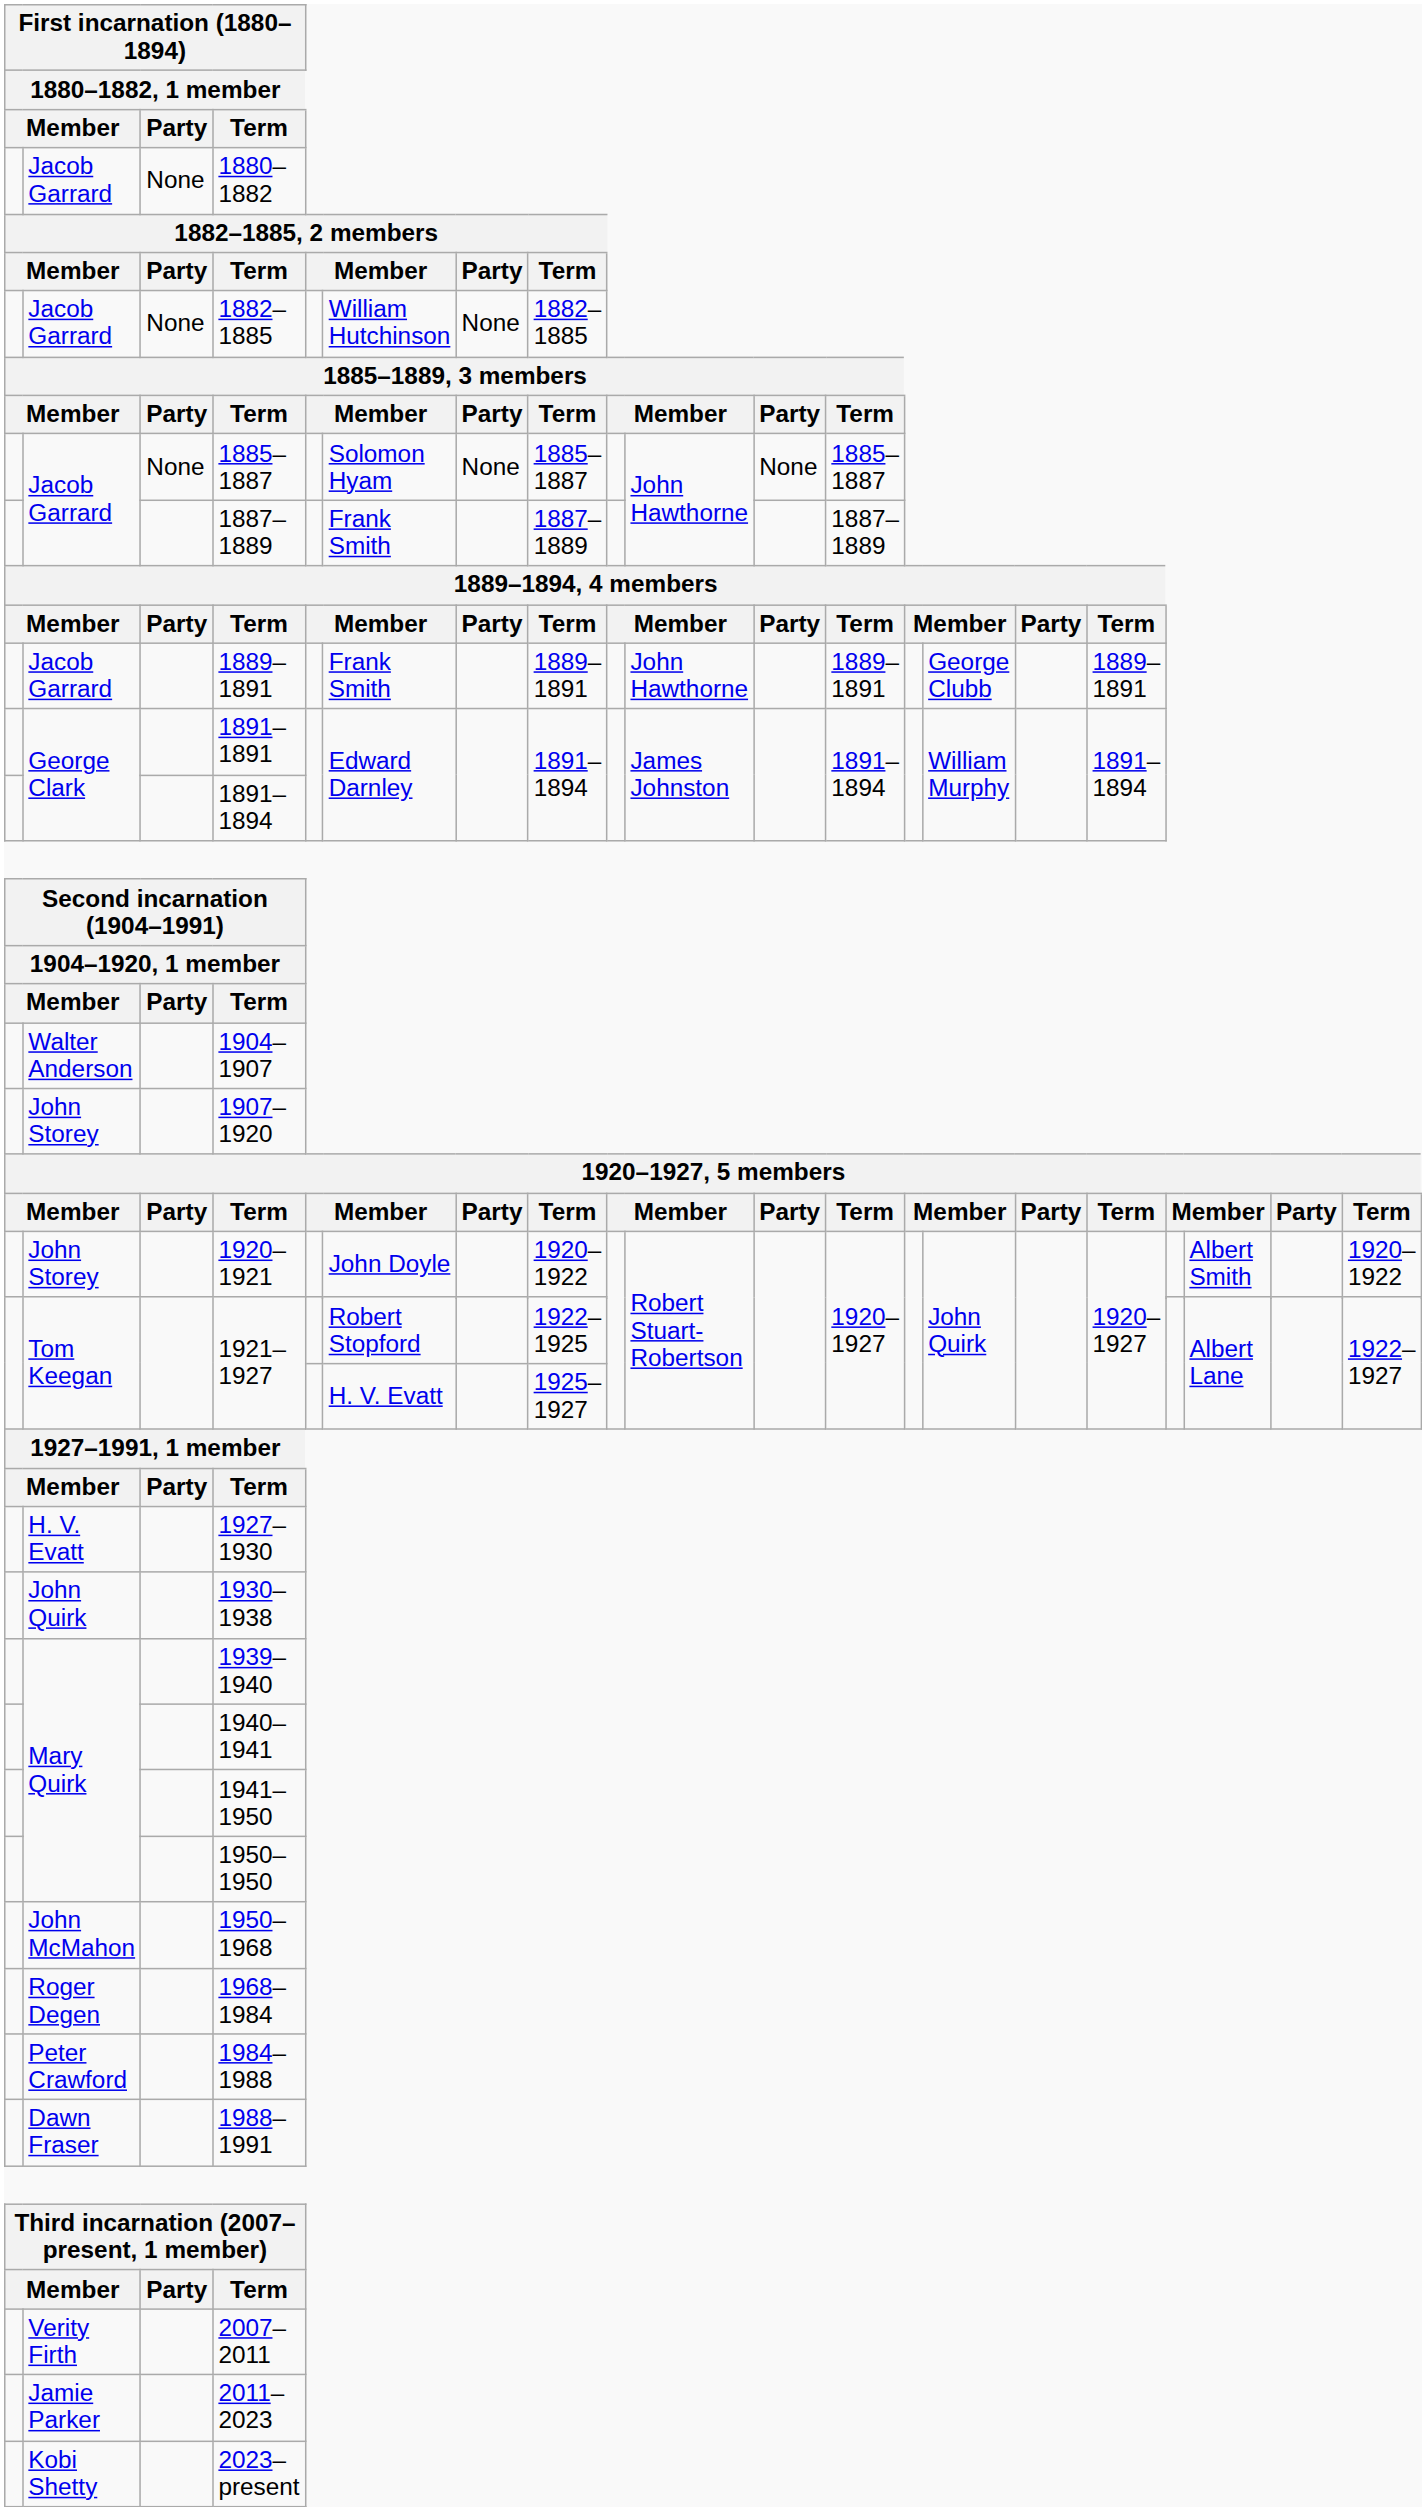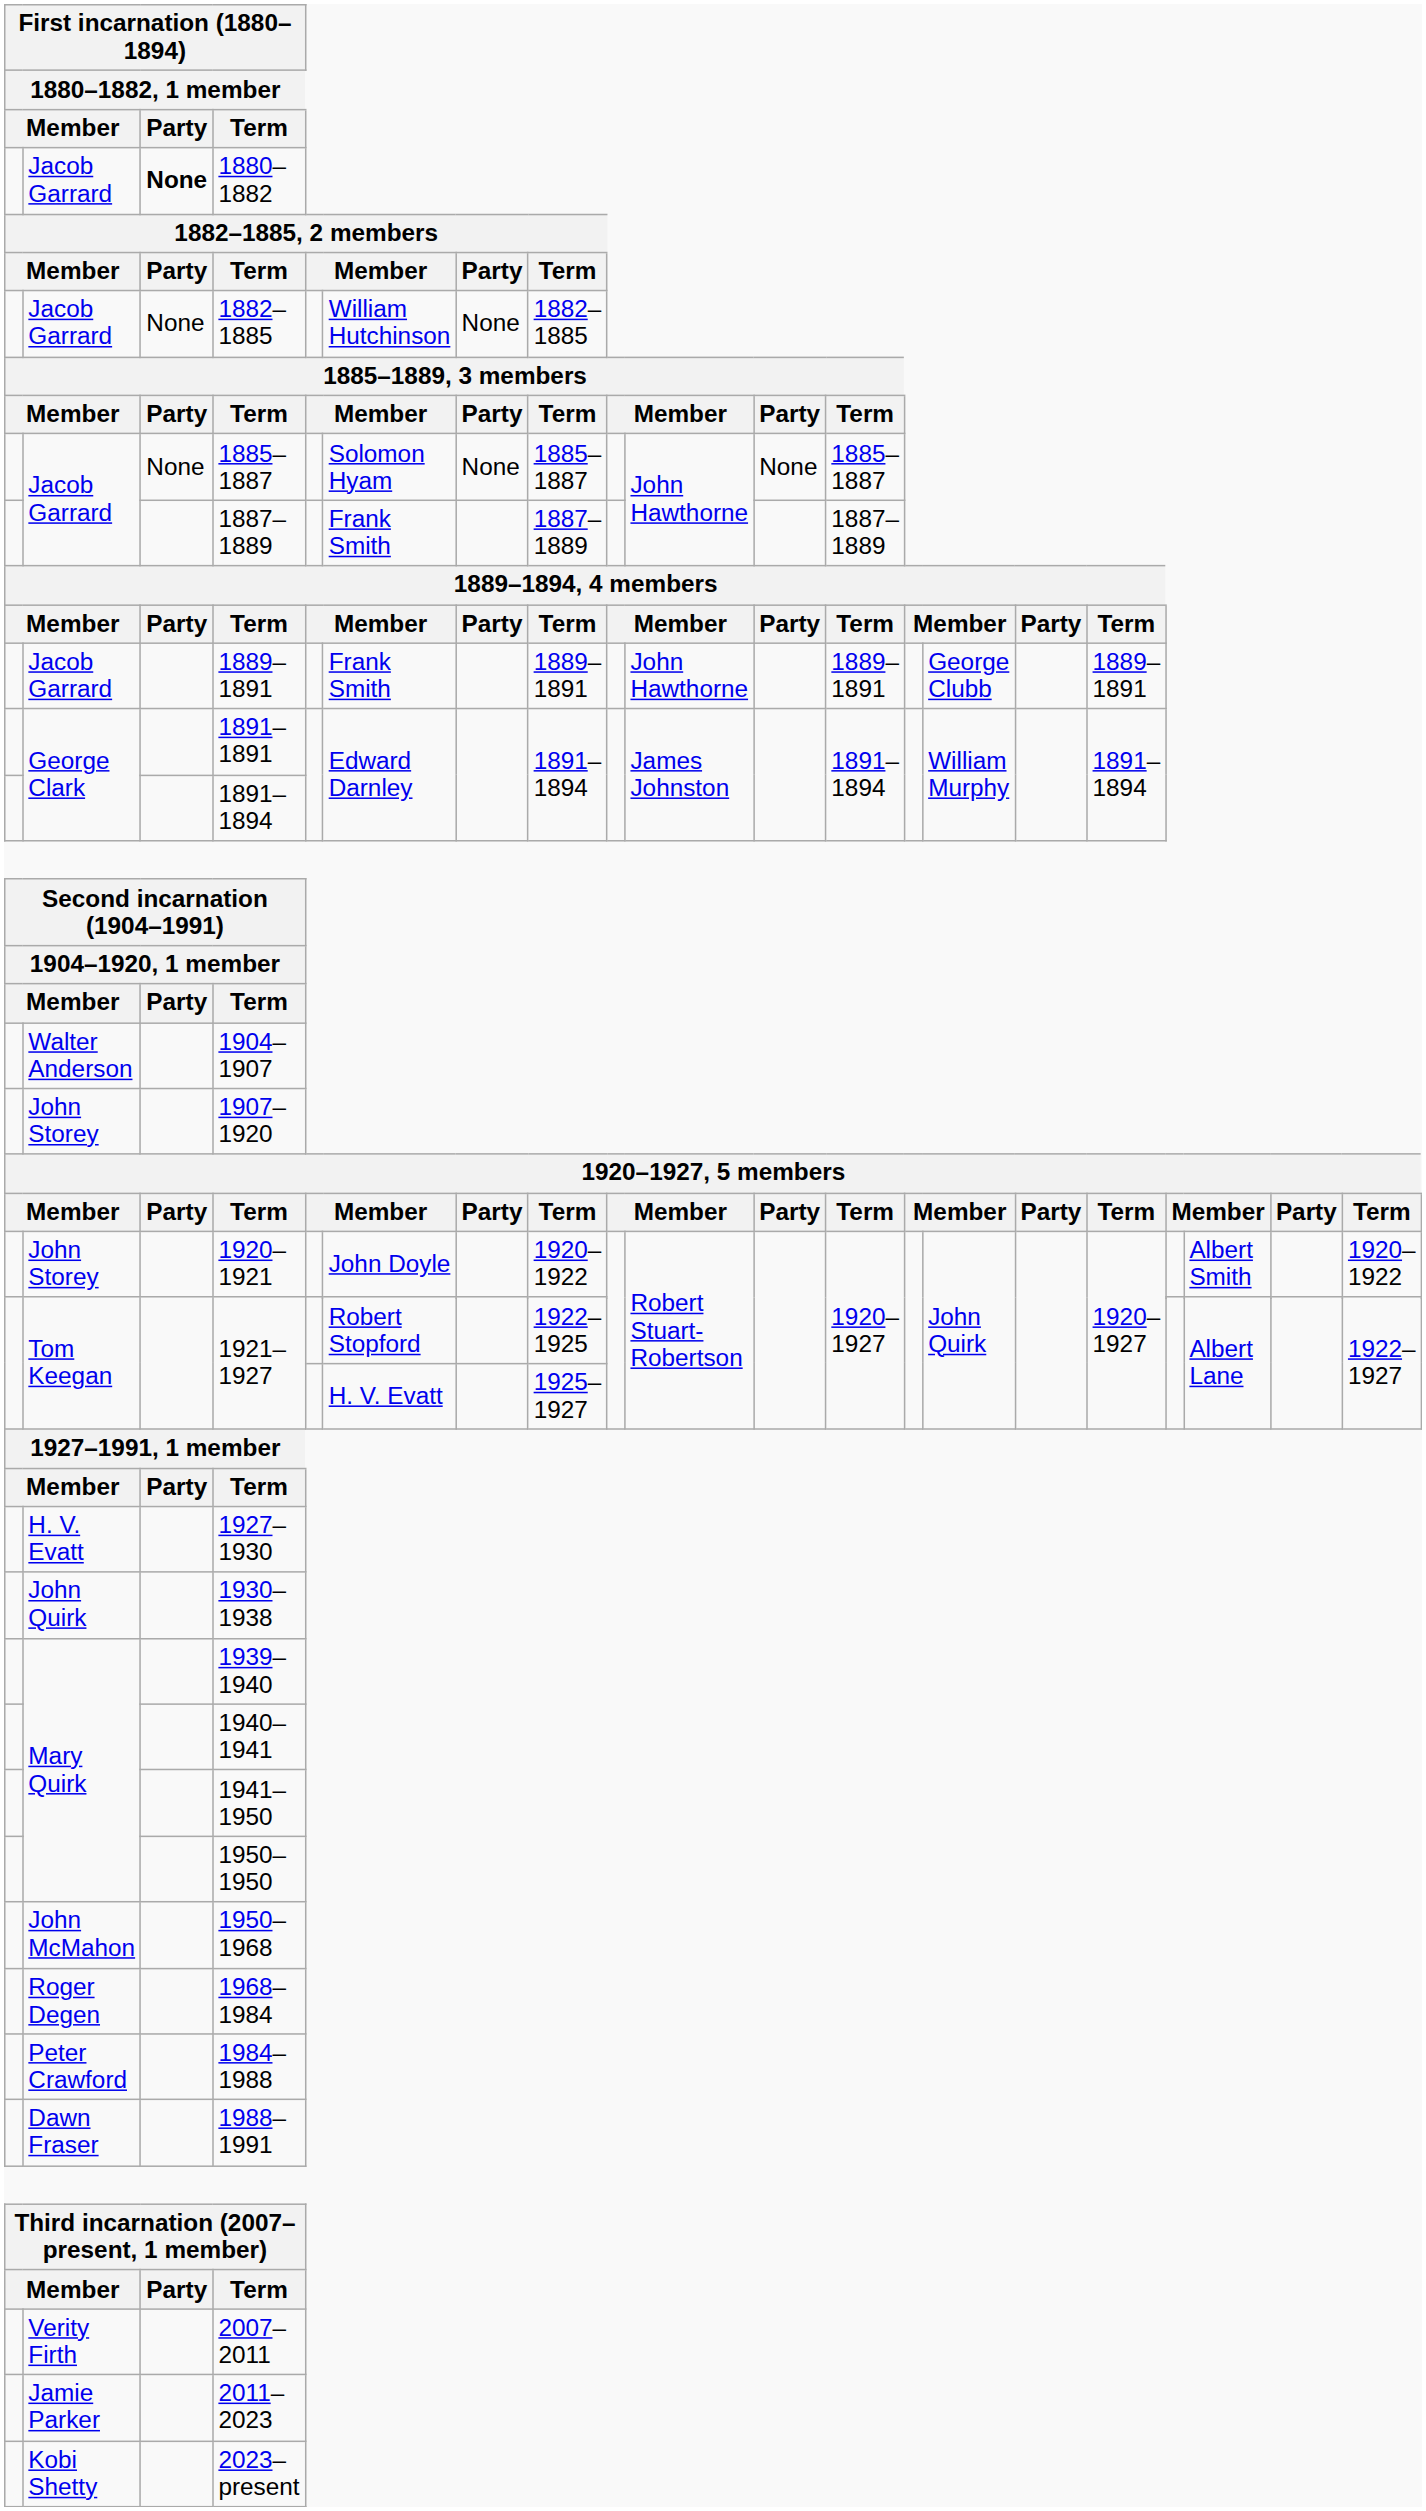 <table class="wikitable" style='border-style: none none none none;'>
 <tr>
 <th colspan="4">First incarnation (1880–1894)</th>
 </tr>
 <tr>
 <th colspan=4 style="border-right:0px;">1880–1882, 1 member</th>
 </tr>
 <tr>
 <th colspan="2">Member</th>
 <th>Party</th>
 <th>Term</th>
 </tr>
 <tr style="background: #f9f9f9">
 <td> </td>
 <td><a href='#'>Jacob Garrard</a></td>
-<td>None</td>
+<td><strong>None</strong></td>
 <td><a href='#'>1880</a>–1882</td>
 </tr>
 <tr>
 <th colspan=8 style="border-right:0px;">1882–1885, 2 members</th>
 </tr>
 <tr>
 <th colspan="2">Member</th>
 <th>Party</th>
 <th>Term</th>
 <th colspan="2">Member</th>
 <th>Party</th>
 <th>Term</th>
 </tr>
 <tr style="background: #f9f9f9">
 <td> </td>
 <td><a href='#'>Jacob Garrard</a></td>
 <td>None</td>
 <td><a href='#'>1882</a>–1885</td>
 <td> </td>
 <td><a href='#'>William Hutchinson</a></td>
 <td>None</td>
 <td><a href='#'>1882</a>–1885</td>
 </tr>
 <tr>
 <th colspan=12 style="border-right:0px;";>1885–1889, 3 members</th>
 </tr>
 <tr>
 <th colspan="2">Member</th>
 <th>Party</th>
 <th>Term</th>
 <th colspan="2">Member</th>
 <th>Party</th>
 <th>Term</th>
 <th colspan="2">Member</th>
 <th>Party</th>
 <th>Term</th>
 </tr>
 <tr style="background: #f9f9f9">
 <td> </td>
 <td rowspan=2><a href='#'>Jacob Garrard</a></td>
 <td>None</td>
 <td><a href='#'>1885</a>–1887</td>
 <td> </td>
 <td><a href='#'>Solomon Hyam</a></td>
 <td>None</td>
 <td><a href='#'>1885</a>–1887</td>
 <td> </td>
 <td rowspan=2><a href='#'>John Hawthorne</a></td>
 <td>None</td>
 <td><a href='#'>1885</a>–1887</td>
 </tr>
 <tr style="background: #f9f9f9">
 <td> </td>
 <td></td>
 <td>1887–1889</td>
 <td> </td>
 <td><a href='#'>Frank Smith</a></td>
 <td></td>
 <td><a href='#'>1887</a>–1889</td>
 <td> </td>
 <td></td>
 <td>1887–1889</td>
 </tr>
 <tr>
 <th colspan=16 style="border-right:0px;";>1889–1894, 4 members</th>
 </tr>
 <tr>
 <th colspan="2">Member</th>
 <th>Party</th>
 <th>Term</th>
 <th colspan="2">Member</th>
 <th>Party</th>
 <th>Term</th>
 <th colspan="2">Member</th>
 <th>Party</th>
 <th>Term</th>
 <th colspan="2">Member</th>
 <th>Party</th>
 <th>Term</th>
 </tr>
 <tr style="background: #f9f9f9">
 <td> </td>
 <td><a href='#'>Jacob Garrard</a></td>
 <td></td>
 <td><a href='#'>1889</a>–1891</td>
 <td> </td>
 <td><a href='#'>Frank Smith</a></td>
 <td></td>
 <td><a href='#'>1889</a>–1891</td>
 <td> </td>
 <td><a href='#'>John Hawthorne</a></td>
 <td></td>
 <td><a href='#'>1889</a>–1891</td>
 <td> </td>
 <td><a href='#'>George Clubb</a></td>
 <td></td>
 <td><a href='#'>1889</a>–1891</td>
 </tr>
 <tr style="background: #f9f9f9">
 <td> </td>
 <td rowspan=2><a href='#'>George Clark</a></td>
 <td></td>
 <td><a href='#'>1891</a>–1891</td>
 <td rowspan=2 > </td>
 <td rowspan=2><a href='#'>Edward Darnley</a></td>
 <td rowspan=2></td>
 <td rowspan=2><a href='#'>1891</a>–1894</td>
 <td rowspan=2 > </td>
 <td rowspan=2><a href='#'>James Johnston</a></td>
 <td rowspan=2></td>
 <td rowspan=2><a href='#'>1891</a>–1894</td>
 <td rowspan=2 > </td>
 <td rowspan=2><a href='#'>William Murphy</a></td>
 <td rowspan=2></td>
 <td rowspan=2><a href='#'>1891</a>–1894</td>
 </tr>
 <tr style="background: #f9f9f9">
 <td> </td>
 <td></td>
 <td>1891–1894</td>
 </tr>
 <tr>
 <td colspan="4" style='border-style: none none none none;'> </td>
 </tr>
 <tr>
 <th colspan="4">Second incarnation (1904–1991)</th>
 </tr>
 <tr>
 <th colspan=4>1904–1920, 1 member</th>
 </tr>
 <tr>
 <th colspan="2">Member</th>
 <th>Party</th>
 <th>Term</th>
 </tr>
 <tr style="background: #f9f9f9">
 <td> </td>
 <td><a href='#'>Walter Anderson</a></td>
 <td></td>
 <td><a href='#'>1904</a>–1907</td>
 </tr>
 <tr style="background: #f9f9f9">
 <td> </td>
 <td><a href='#'>John Storey</a></td>
 <td></td>
 <td><a href='#'>1907</a>–1920</td>
 </tr>
 <tr>
 <th colspan=20 style="border-right:0px;";>1920–1927, 5 members</th>
 </tr>
 <tr>
 <th colspan="2">Member</th>
 <th>Party</th>
 <th>Term</th>
 <th colspan="2">Member</th>
 <th>Party</th>
 <th>Term</th>
 <th colspan="2">Member</th>
 <th>Party</th>
 <th>Term</th>
 <th colspan="2">Member</th>
 <th>Party</th>
 <th>Term</th>
 <th colspan="2">Member</th>
 <th>Party</th>
 <th>Term</th>
 </tr>
 <tr style="background: #f9f9f9">
 <td> </td>
 <td><a href='#'>John Storey</a></td>
 <td></td>
 <td><a href='#'>1920</a>–1921</td>
 <td rowspan=2 > </td>
 <td rowspan=2><a href='#'>John Doyle</a></td>
 <td rowspan=2></td>
 <td rowspan=2><a href='#'>1920</a>–1922</td>
 <td rowspan=4 > </td>
 <td rowspan=4><a href='#'>Robert Stuart-Robertson</a></td>
 <td rowspan=4></td>
 <td rowspan=4><a href='#'>1920</a>–1927</td>
 <td rowspan=4 > </td>
 <td rowspan=4><a href='#'>John Quirk</a></td>
 <td rowspan=4></td>
 <td rowspan=4><a href='#'>1920</a>–1927</td>
 <td rowspan=2 > </td>
 <td rowspan=2><a href='#'>Albert Smith</a></td>
 <td rowspan=2></td>
 <td rowspan=2><a href='#'>1920</a>–1922</td>
 </tr>
 <tr style="background: #f9f9f9">
 <td rowspan=3 > </td>
 <td rowspan=3><a href='#'>Tom Keegan</a></td>
 <td rowspan=3></td>
 <td rowspan=3>1921–1927</td>
 </tr>
 <tr style="background: #f9f9f9">
 <td> </td>
 <td><a href='#'>Robert Stopford</a></td>
 <td></td>
 <td><a href='#'>1922</a>–1925</td>
 <td rowspan=2 > </td>
 <td rowspan=2><a href='#'>Albert Lane</a></td>
 <td rowspan=2></td>
 <td rowspan=2><a href='#'>1922</a>–1927</td>
 </tr>
 <tr style="background: #f9f9f9">
 <td> </td>
 <td><a href='#'>H. V. Evatt</a></td>
 <td></td>
 <td><a href='#'>1925</a>–1927</td>
 </tr>
 <tr>
 <th colspan=4 style="border-right:0px;";>1927–1991, 1 member</th>
 </tr>
 <tr>
 <th colspan="2">Member</th>
 <th>Party</th>
 <th>Term</th>
 </tr>
 <tr style="background: #f9f9f9">
 <td> </td>
 <td><a href='#'>H. V. Evatt</a></td>
 <td></td>
 <td><a href='#'>1927</a>–1930</td>
 </tr>
 <tr style="background: #f9f9f9">
 <td> </td>
 <td><a href='#'>John Quirk</a></td>
 <td></td>
 <td><a href='#'>1930</a>–1938</td>
 </tr>
 <tr style="background: #f9f9f9">
 <td> </td>
 <td rowspan=4><a href='#'>Mary Quirk</a></td>
 <td></td>
 <td><a href='#'>1939</a>–1940</td>
 </tr>
 <tr style="background: #f9f9f9">
 <td> </td>
 <td></td>
 <td>1940–1941</td>
 </tr>
 <tr style="background: #f9f9f9">
 <td> </td>
 <td></td>
 <td>1941–1950</td>
 </tr>
 <tr style="background: #f9f9f9">
 <td> </td>
 <td></td>
 <td>1950–1950</td>
 </tr>
 <tr style="background: #f9f9f9">
 <td> </td>
 <td><a href='#'>John McMahon</a></td>
 <td></td>
 <td><a href='#'>1950</a>–1968</td>
 </tr>
 <tr style="background: #f9f9f9">
 <td> </td>
 <td><a href='#'>Roger Degen</a></td>
 <td></td>
 <td><a href='#'>1968</a>–1984</td>
 </tr>
 <tr style="background: #f9f9f9">
 <td> </td>
 <td><a href='#'>Peter Crawford</a></td>
 <td></td>
 <td><a href='#'>1984</a>–1988</td>
 </tr>
 <tr style="background: #f9f9f9">
 <td> </td>
 <td><a href='#'>Dawn Fraser</a></td>
 <td></td>
 <td><a href='#'>1988</a>–1991</td>
 </tr>
 <tr>
 <td colspan="4" style='border-style: none none none none;'> </td>
 </tr>
 <tr>
 <th colspan="4">Third incarnation (2007–present, 1 member)</th>
 </tr>
 <tr>
 <th colspan="2">Member</th>
 <th>Party</th>
 <th>Term</th>
 </tr>
 <tr style="background: #f9f9f9">
 <td> </td>
 <td><a href='#'>Verity Firth</a></td>
 <td></td>
 <td><a href='#'>2007</a>–2011</td>
 </tr>
 <tr style="background: #f9f9f9">
 <td> </td>
 <td><a href='#'>Jamie Parker</a></td>
 <td></td>
 <td><a href='#'>2011</a>–2023</td>
 </tr>
 <tr style="background: #f9f9f9">
 <td> </td>
 <td><a href='#'>Kobi Shetty</a></td>
 <td></td>
 <td><a href='#'>2023</a>–present</td>
 </tr>
 </table>
